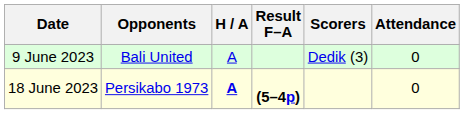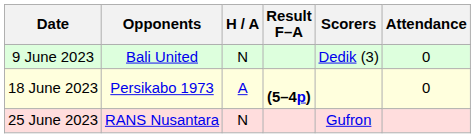 <table class="wikitable" style="text-align:center">
 <tr>
 <th>Date</th>
 <th>Opponents</th>
 <th>H / A</th>
 <th>Result<br>F–A</th>
 <th>Scorers</th>
 <th>Attendance</th>
 </tr>
 <tr style="background:#ddffdd">
 <td>9 June 2023</td>
 <td><a href='#'>Bali United</a></td>
-<td><a href='#'>A</a></td>
+<td>N</td>
 <td></td>
 <td><a href='#'>Dedik</a> (3)</td>
 <td>0</td>
 </tr>
 <tr style="background:#ffffdd">
 <td>18 June 2023</td>
 <td><a href='#'>Persikabo 1973</a></td>
-<td><strong><a href='#'>A</a></strong></td>
+<td><a href='#'>A</a></td>
 <td><strong><br>(5–4<a href='#'>p</a>)</strong></td>
 <td></td>
 <td>0</td>
 </tr>
+<tr style="background:#ffdddd">
+<td>25 June 2023</td>
+<td><a href='#'>RANS Nusantara</a></td>
+<td>N</td>
+<td></td>
+<td><a href='#'>Gufron</a></td>
+<td></td>
+</tr>
 </table>
